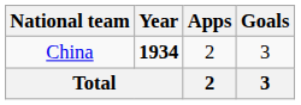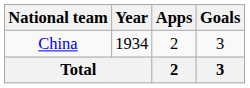 <table class="wikitable" style="text-align:center">
 <tr>
 <th>National team</th>
 <th>Year</th>
 <th>Apps</th>
 <th>Goals</th>
 </tr>
 <tr>
 <td><a href='#'>China</a></td>
-<td><strong>1934</strong></td>
+<td>1934</td>
 <td>2</td>
 <td>3</td>
 </tr>
 <tr>
 <th colspan=2>Total</th>
 <th>2</th>
 <th>3</th>
 </tr>
 </table>
